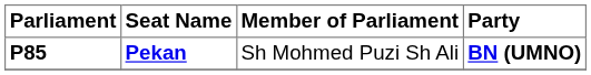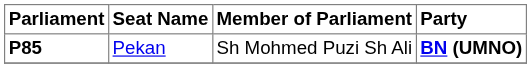 <table class="toccolours sortable" border="1" cellpadding="3" style="border-collapse:collapse; text-align: left;">
 <tr>
 <th align="center">Parliament</th>
 <th>Seat Name</th>
 <th>Member of Parliament</th>
 <th>Party</th>
 </tr>
 <tr>
 <th align="left">P85</th>
-<td><strong><a href='#'>Pekan</a></strong></td>
+<td><a href='#'>Pekan</a></td>
 <td>Sh Mohmed Puzi Sh Ali</td>
 <td><strong><a href='#'>BN</a> (UMNO)</strong></td>
 </tr>
 <tr>
 </tr>
 </table>
